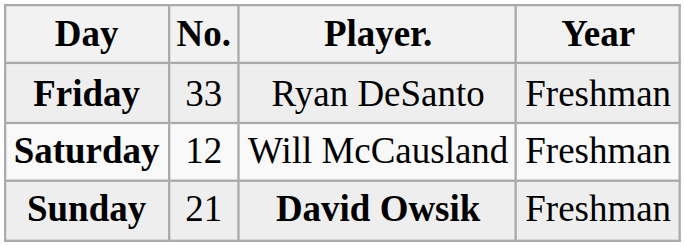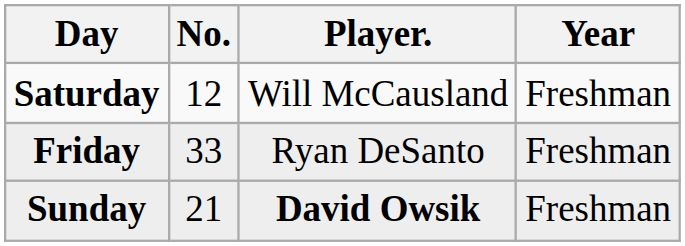 <table class="wikitable non-sortable">
 <tr>
 <th style="text-align:center; ">Day</th>
 <th style="text-align:center; ">No.</th>
 <th style="text-align:center; ">Player.</th>
 <th style="text-align:center; ">Year</th>
 </tr>
+<tr style="text-align:center;">
+<td><strong>Saturday</strong></td>
+<td>12</td>
+<td>Will McCausland</td>
+<td>Freshman</td>
+</tr>
 <tr style="background:#eeeeee;text-align:center;">
 <td><strong>Friday</strong></td>
 <td>33</td>
 <td>Ryan DeSanto</td>
-<td>Freshman</td>
-</tr>
-<tr style="text-align:center;">
-<td><strong>Saturday</strong></td>
-<td>12</td>
-<td>Will McCausland</td>
 <td>Freshman</td>
 </tr>
 <tr style="background:#eeeeee;text-align:center;">
 <td><strong>Sunday</strong></td>
 <td>21</td>
 <td><strong>David Owsik</strong></td>
 <td>Freshman</td>
 </tr>
 </table>
